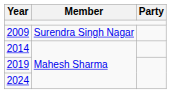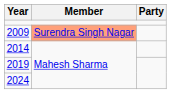 <table class="wikitable sortable">
 <tr>
 <th>Year</th>
 <th>Member</th>
 <th colspan="2">Party</th>
 </tr>
 <tr>
 <td colspan="4"></td>
 </tr>
 <tr>
 <td><a href='#'>2009</a></td>
-<td><a href='#'>Surendra Singh Nagar</a></td>
+<td style="background: lightsalmon;"><a href='#'>Surendra Singh Nagar</a></td>
 <td></td>
 </tr>
 <tr>
 <td><a href='#'>2014</a></td>
 <td rowspan="3"><a href='#'>Mahesh Sharma</a></td>
 <td></td>
 </tr>
 <tr>
 <td><a href='#'>2019</a></td>
 </tr>
 <tr>
 <td><a href='#'>2024</a></td>
 </tr>
 </table>
